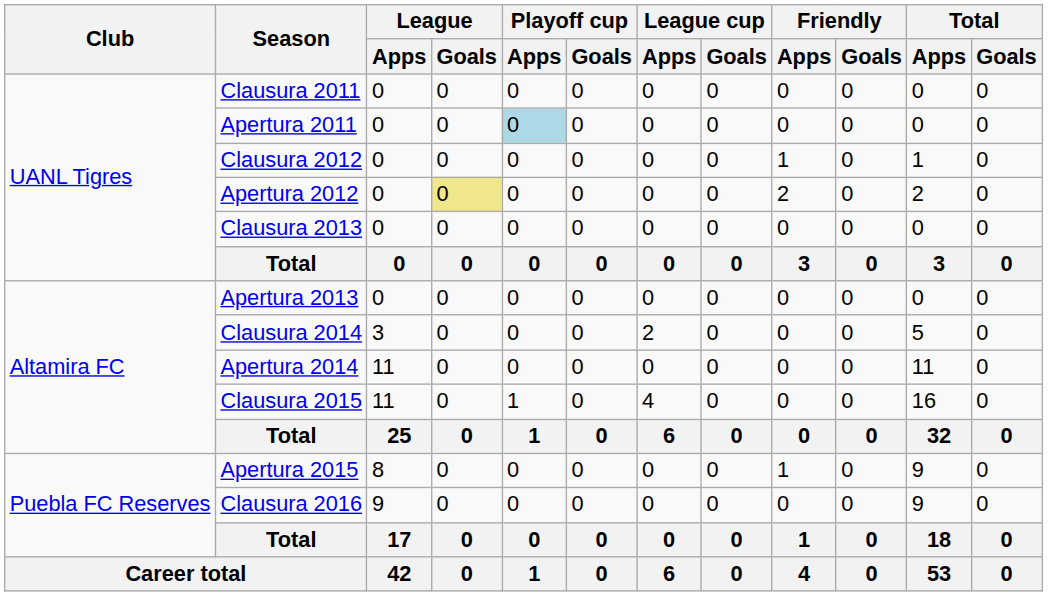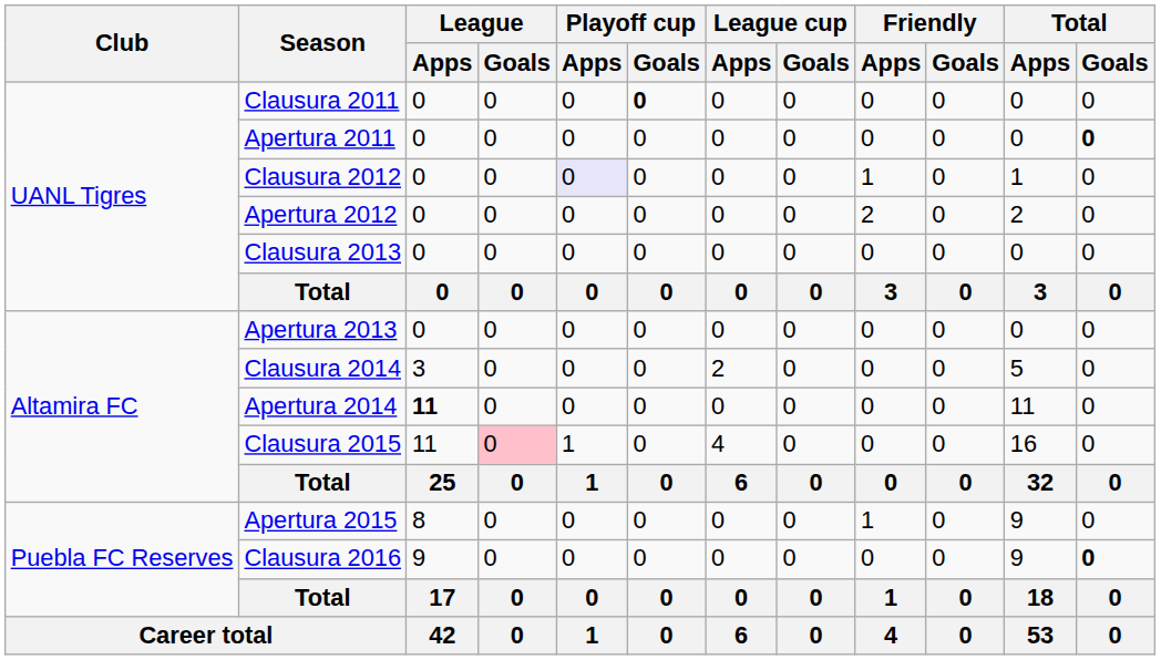 <table class="wikitable">
 <tr>
 <th rowspan=2>Club</th>
 <th rowspan=2>Season</th>
 <th colspan=2>League</th>
 <th colspan=2>Playoff cup</th>
 <th colspan=2>League cup</th>
 <th colspan=2>Friendly</th>
 <th colspan=2>Total</th>
 </tr>
 <tr>
 <th>Apps</th>
 <th>Goals</th>
 <th>Apps</th>
 <th>Goals</th>
 <th>Apps</th>
 <th>Goals</th>
 <th>Apps</th>
 <th>Goals</th>
 <th>Apps</th>
 <th>Goals</th>
 </tr>
 <tr>
 <td rowspan=6><a href='#'>UANL Tigres</a></td>
 <td><a href='#'>Clausura 2011</a></td>
 <td>0</td>
 <td>0</td>
 <td>0</td>
-<td>0</td>
+<td><strong>0</strong></td>
 <td>0</td>
 <td>0</td>
 <td>0</td>
 <td>0</td>
 <td>0</td>
 <td>0</td>
 </tr>
 <tr>
 <td><a href='#'>Apertura 2011</a></td>
 <td>0</td>
 <td>0</td>
-<td style="background: lightblue;">0</td>
 <td>0</td>
 <td>0</td>
 <td>0</td>
 <td>0</td>
 <td>0</td>
 <td>0</td>
 <td>0</td>
+<td><strong>0</strong></td>
 </tr>
 <tr>
 <td><a href='#'>Clausura 2012</a></td>
 <td>0</td>
 <td>0</td>
-<td>0</td>
+<td style="background: lavender;">0</td>
 <td>0</td>
 <td>0</td>
 <td>0</td>
 <td>1</td>
 <td>0</td>
 <td>1</td>
 <td>0</td>
 </tr>
 <tr>
 <td><a href='#'>Apertura 2012</a></td>
 <td>0</td>
-<td style="background: khaki;">0</td>
+<td>0</td>
 <td>0</td>
 <td>0</td>
 <td>0</td>
 <td>0</td>
 <td>2</td>
 <td>0</td>
 <td>2</td>
 <td>0</td>
 </tr>
 <tr>
 <td><a href='#'>Clausura 2013</a></td>
 <td>0</td>
 <td>0</td>
 <td>0</td>
 <td>0</td>
 <td>0</td>
 <td>0</td>
 <td>0</td>
 <td>0</td>
 <td>0</td>
 <td>0</td>
 </tr>
 <tr>
 <th>Total</th>
 <th>0</th>
 <th>0</th>
 <th>0</th>
 <th>0</th>
 <th>0</th>
 <th>0</th>
 <th>3</th>
 <th>0</th>
 <th>3</th>
 <th>0</th>
 </tr>
 <tr>
 <td rowspan=5><a href='#'>Altamira FC</a></td>
 <td><a href='#'>Apertura 2013</a></td>
 <td>0</td>
 <td>0</td>
 <td>0</td>
 <td>0</td>
 <td>0</td>
 <td>0</td>
 <td>0</td>
 <td>0</td>
 <td>0</td>
 <td>0</td>
 </tr>
 <tr>
 <td><a href='#'>Clausura 2014</a></td>
 <td>3</td>
 <td>0</td>
 <td>0</td>
 <td>0</td>
 <td>2</td>
 <td>0</td>
 <td>0</td>
 <td>0</td>
 <td>5</td>
 <td>0</td>
 </tr>
 <tr>
 <td><a href='#'>Apertura 2014</a></td>
-<td>11</td>
+<td><strong>11</strong></td>
 <td>0</td>
 <td>0</td>
 <td>0</td>
 <td>0</td>
 <td>0</td>
 <td>0</td>
 <td>0</td>
 <td>11</td>
 <td>0</td>
 </tr>
 <tr>
 <td><a href='#'>Clausura 2015</a></td>
 <td>11</td>
-<td>0</td>
+<td style="background: pink;">0</td>
 <td>1</td>
 <td>0</td>
 <td>4</td>
 <td>0</td>
 <td>0</td>
 <td>0</td>
 <td>16</td>
 <td>0</td>
 </tr>
 <tr>
 <th>Total</th>
 <th>25</th>
 <th>0</th>
 <th>1</th>
 <th>0</th>
 <th>6</th>
 <th>0</th>
 <th>0</th>
 <th>0</th>
 <th>32</th>
 <th>0</th>
 </tr>
 <tr>
 <td rowspan=3><a href='#'>Puebla FC Reserves</a></td>
 <td><a href='#'>Apertura 2015</a></td>
 <td>8</td>
 <td>0</td>
 <td>0</td>
 <td>0</td>
 <td>0</td>
 <td>0</td>
 <td>1</td>
 <td>0</td>
 <td>9</td>
 <td>0</td>
 </tr>
 <tr>
 <td><a href='#'>Clausura 2016</a></td>
 <td>9</td>
 <td>0</td>
 <td>0</td>
 <td>0</td>
 <td>0</td>
 <td>0</td>
 <td>0</td>
 <td>0</td>
 <td>9</td>
-<td>0</td>
+<td><strong>0</strong></td>
 </tr>
 <tr>
 <th>Total</th>
 <th>17</th>
 <th>0</th>
 <th>0</th>
 <th>0</th>
 <th>0</th>
 <th>0</th>
 <th>1</th>
 <th>0</th>
 <th>18</th>
 <th>0</th>
 </tr>
 <tr>
 <th colspan=2>Career total</th>
 <th>42</th>
 <th>0</th>
 <th>1</th>
 <th>0</th>
 <th>6</th>
 <th>0</th>
 <th>4</th>
 <th>0</th>
 <th>53</th>
 <th>0</th>
 </tr>
 </table>
